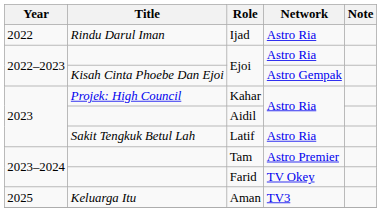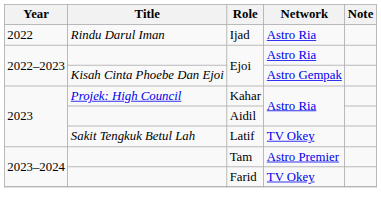 <table class="wikitable wikitable">
 <tr>
 <th>Year</th>
 <th>Title</th>
 <th>Role</th>
 <th>Network</th>
 <th>Note</th>
 </tr>
 <tr>
 <td>2022</td>
 <td><em>Rindu Darul Iman</em></td>
 <td>Ijad</td>
 <td><a href='#'>Astro Ria</a></td>
 <td></td>
 </tr>
 <tr>
 <td rowspan="2">2022–2023</td>
 <td><em></em></td>
 <td rowspan="2">Ejoi</td>
 <td><a href='#'>Astro Ria</a></td>
 <td></td>
 </tr>
 <tr>
 <td><em>Kisah Cinta Phoebe Dan Ejoi</em></td>
 <td><a href='#'>Astro Gempak</a></td>
 <td></td>
 </tr>
 <tr>
 <td rowspan="3">2023</td>
 <td><em><a href='#'>Projek: High Council</a></em></td>
 <td>Kahar</td>
 <td rowspan="2"><a href='#'>Astro Ria</a></td>
 <td></td>
 </tr>
 <tr>
 <td><em></em></td>
 <td>Aidil</td>
 <td></td>
 </tr>
 <tr>
 <td><em>Sakit Tengkuk Betul Lah</em></td>
 <td>Latif</td>
-<td><a href='#'>Astro Ria</a></td>
+<td><a href='#'>TV Okey</a></td>
 <td></td>
 </tr>
 <tr>
 <td rowspan="2">2023–2024</td>
 <td><em></em></td>
 <td>Tam</td>
 <td><a href='#'>Astro Premier</a></td>
 <td></td>
 </tr>
 <tr>
 <td><em></em></td>
 <td>Farid</td>
 <td><a href='#'>TV Okey</a></td>
 <td></td>
 </tr>
 <tr>
-<td>2025</td>
-<td><em>Keluarga Itu</em></td>
-<td>Aman</td>
-<td><a href='#'>TV3</a></td>
-<td></td>
-</tr>
-<tr>
 </tr>
 </table>
